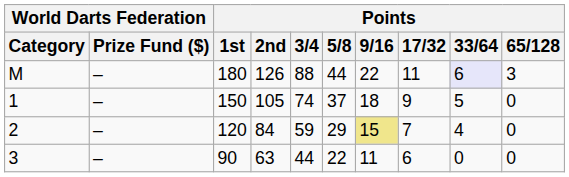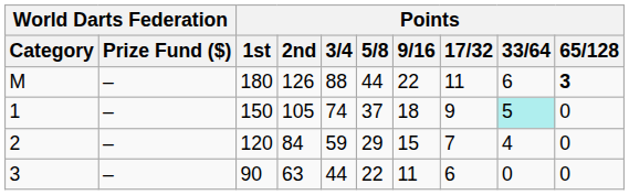 <table class="wikitable">
 <tr>
 <th colspan=2>World Darts Federation</th>
 <th colspan=8>Points</th>
 </tr>
 <tr>
 <th>Category</th>
 <th>Prize Fund ($)</th>
 <th>1st</th>
 <th>2nd</th>
 <th>3/4</th>
 <th>5/8</th>
 <th>9/16</th>
 <th>17/32</th>
 <th>33/64</th>
 <th>65/128</th>
 </tr>
 <tr>
 <td style="background:# ;">M</td>
 <td>–</td>
 <td>180</td>
 <td>126</td>
 <td>88</td>
 <td>44</td>
 <td>22</td>
 <td>11</td>
-<td style="background: lavender;">6</td>
-<td>3</td>
+<td>6</td>
+<td><strong>3</strong></td>
 </tr>
 <tr>
 <td style="background:# ;">1</td>
 <td>–</td>
 <td>150</td>
 <td>105</td>
 <td>74</td>
 <td>37</td>
 <td>18</td>
 <td>9</td>
-<td>5</td>
+<td style="background: paleturquoise;">5</td>
 <td>0</td>
 </tr>
 <tr>
 <td style="background:# ;">2</td>
 <td>–</td>
 <td>120</td>
 <td>84</td>
 <td>59</td>
 <td>29</td>
-<td style="background: khaki;">15</td>
+<td>15</td>
 <td>7</td>
 <td>4</td>
 <td>0</td>
 </tr>
 <tr>
 <td style="background:# ;">3</td>
 <td>–</td>
 <td>90</td>
 <td>63</td>
 <td>44</td>
 <td>22</td>
 <td>11</td>
 <td>6</td>
 <td>0</td>
 <td>0</td>
 </tr>
 </table>
